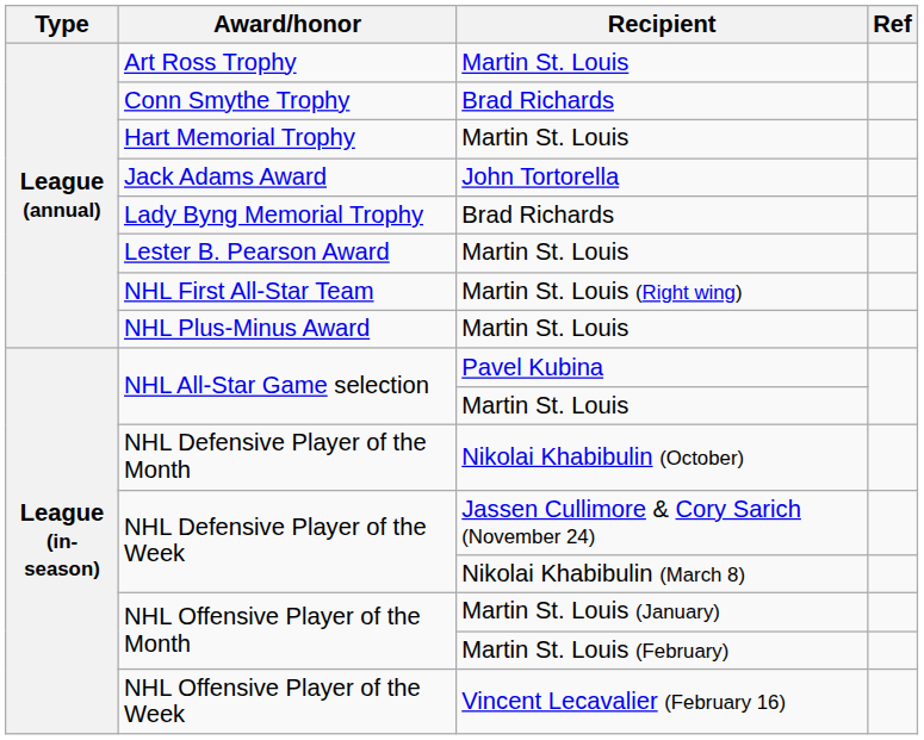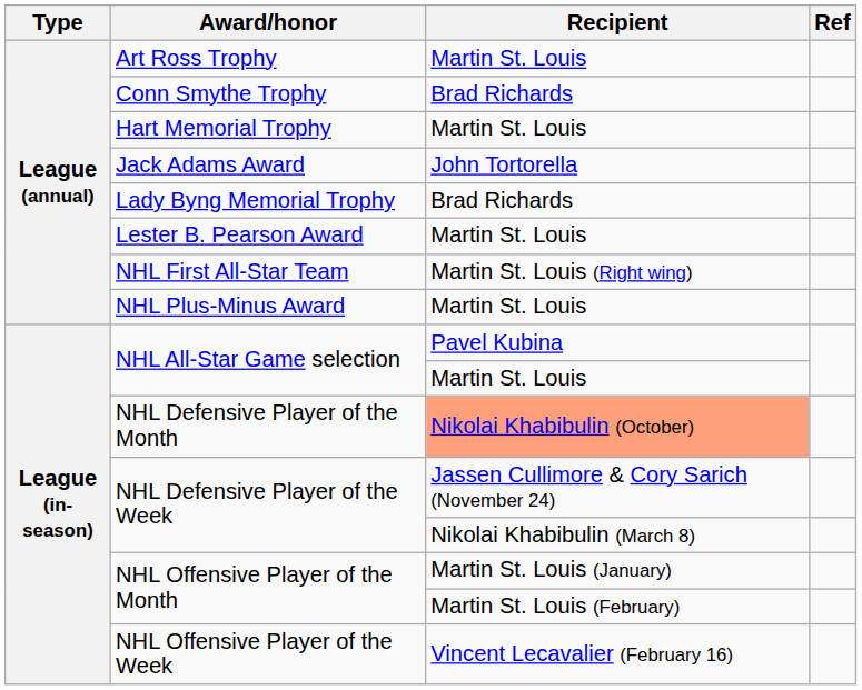 <table class="wikitable">
 <tr>
 <th scope="col">Type</th>
 <th scope="col">Award/honor</th>
 <th scope="col">Recipient</th>
 <th scope="col">Ref</th>
 </tr>
 <tr>
 <th scope="row" rowspan="8">League<br><small>(annual)</small></th>
 <td><a href='#'>Art Ross Trophy</a></td>
 <td><a href='#'>Martin St. Louis</a></td>
 <td></td>
 </tr>
 <tr>
 <td><a href='#'>Conn Smythe Trophy</a></td>
 <td><a href='#'>Brad Richards</a></td>
 <td></td>
 </tr>
 <tr>
 <td><a href='#'>Hart Memorial Trophy</a></td>
 <td>Martin St. Louis</td>
 <td></td>
 </tr>
 <tr>
 <td><a href='#'>Jack Adams Award</a></td>
 <td><a href='#'>John Tortorella</a></td>
 <td></td>
 </tr>
 <tr>
 <td><a href='#'>Lady Byng Memorial Trophy</a></td>
 <td>Brad Richards</td>
 <td></td>
 </tr>
 <tr>
 <td><a href='#'>Lester B. Pearson Award</a></td>
 <td>Martin St. Louis</td>
 <td></td>
 </tr>
 <tr>
 <td><a href='#'>NHL First All-Star Team</a></td>
 <td>Martin St. Louis <small>(<a href='#'>Right wing</a>)</small></td>
 <td></td>
 </tr>
 <tr>
 <td><a href='#'>NHL Plus-Minus Award</a></td>
 <td>Martin St. Louis</td>
 <td></td>
 </tr>
 <tr>
 <th scope="row" rowspan="8">League<br><small>(in-season)</small></th>
 <td rowspan="2"><a href='#'>NHL All-Star Game</a> selection</td>
 <td><a href='#'>Pavel Kubina</a></td>
 <td rowspan="2"></td>
 </tr>
 <tr>
 <td>Martin St. Louis</td>
 </tr>
 <tr>
 <td>NHL Defensive Player of the Month</td>
-<td><a href='#'>Nikolai Khabibulin</a> <small>(October)</small></td>
+<td style="background: lightsalmon;"><a href='#'>Nikolai Khabibulin</a> <small>(October)</small></td>
 <td></td>
 </tr>
 <tr>
 <td rowspan="2">NHL Defensive Player of the Week</td>
 <td><a href='#'>Jassen Cullimore</a> & <a href='#'>Cory Sarich</a> <small>(November 24)</small></td>
 <td></td>
 </tr>
 <tr>
 <td>Nikolai Khabibulin <small>(March 8)</small></td>
 <td></td>
 </tr>
 <tr>
 <td rowspan="2">NHL Offensive Player of the Month</td>
 <td>Martin St. Louis <small>(January)</small></td>
 <td></td>
 </tr>
 <tr>
 <td>Martin St. Louis <small>(February)</small></td>
 <td></td>
 </tr>
 <tr>
 <td>NHL Offensive Player of the Week</td>
 <td><a href='#'>Vincent Lecavalier</a> <small>(February 16)</small></td>
 <td></td>
 </tr>
 </table>
